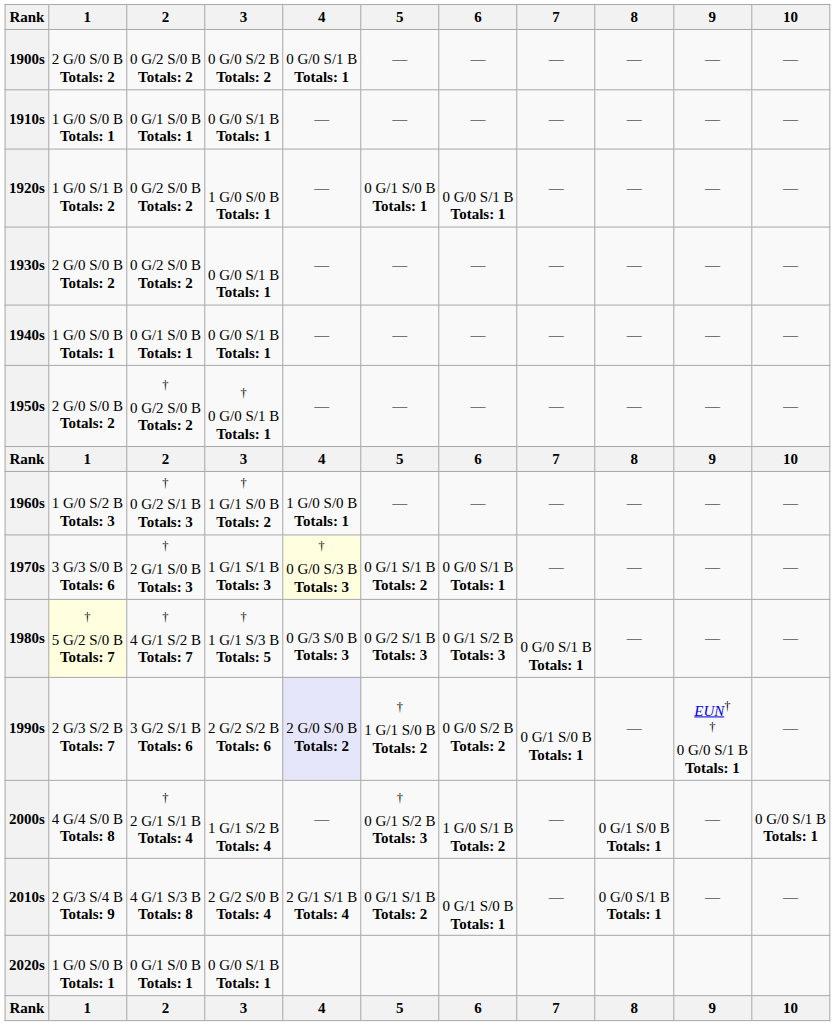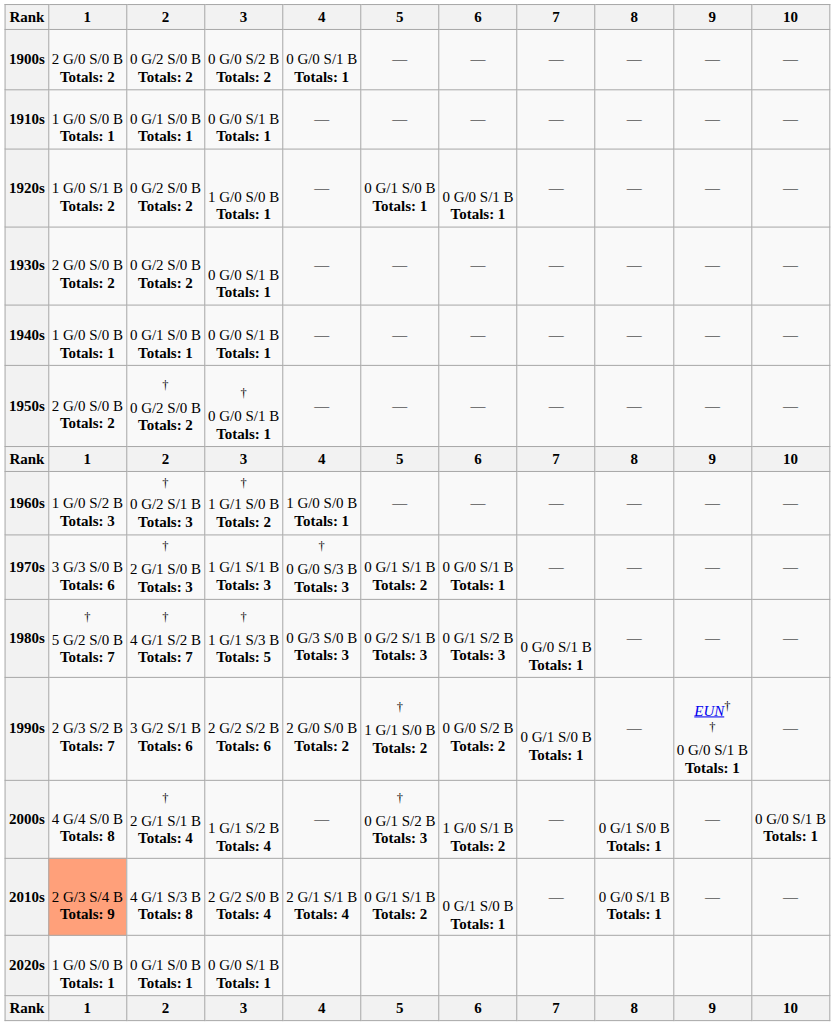 <table class="wikitable" style="text-align: center; font-size: 90%; margin-left: 1em;">
 <tr>
 <th>Rank</th>
 <th>1</th>
 <th>2</th>
 <th>3</th>
 <th>4</th>
 <th>5</th>
 <th>6</th>
 <th>7</th>
 <th>8</th>
 <th>9</th>
 <th>10</th>
 </tr>
 <tr>
 <th>1900s</th>
 <td><br>2 G/0 S/0 B<br><strong>Totals: 2</strong></td>
 <td><br>0 G/2 S/0 B<br><strong>Totals: 2</strong></td>
 <td><br>0 G/0 S/2 B<br><strong>Totals: 2</strong></td>
 <td><br>0 G/0 S/1 B<br><strong>Totals: 1</strong></td>
 <td>—</td>
 <td>—</td>
 <td>—</td>
 <td>—</td>
 <td>—</td>
 <td>—</td>
 </tr>
 <tr>
 <th>1910s</th>
 <td><br>1 G/0 S/0 B<br><strong>Totals: 1</strong></td>
 <td><br>0 G/1 S/0 B<br><strong>Totals: 1</strong></td>
 <td><br>0 G/0 S/1 B<br><strong>Totals: 1</strong></td>
 <td>—</td>
 <td>—</td>
 <td>—</td>
 <td>—</td>
 <td>—</td>
 <td>—</td>
 <td>—</td>
 </tr>
 <tr>
 <th>1920s</th>
 <td><br>1 G/0 S/1 B<br><strong>Totals: 2</strong></td>
 <td><br>0 G/2 S/0 B<br><strong>Totals: 2</strong></td>
 <td><br><br>1 G/0 S/0 B<br><strong>Totals: 1</strong></td>
 <td>—</td>
 <td><br>0 G/1 S/0 B<br><strong>Totals: 1</strong></td>
 <td><br><br>0 G/0 S/1 B<br><strong>Totals: 1</strong></td>
 <td>—</td>
 <td>—</td>
 <td>—</td>
 <td>—</td>
 </tr>
 <tr>
 <th>1930s</th>
 <td><br>2 G/0 S/0 B<br><strong>Totals: 2</strong></td>
 <td><br>0 G/2 S/0 B<br><strong>Totals: 2</strong></td>
 <td><br><br>0 G/0 S/1 B<br><strong>Totals: 1</strong></td>
 <td>—</td>
 <td>—</td>
 <td>—</td>
 <td>—</td>
 <td>—</td>
 <td>—</td>
 <td>—</td>
 </tr>
 <tr>
 <th>1940s</th>
 <td><br>1 G/0 S/0 B<br><strong>Totals: 1</strong></td>
 <td><br>0 G/1 S/0 B<br><strong>Totals: 1</strong></td>
 <td><br>0 G/0 S/1 B<br><strong>Totals: 1</strong></td>
 <td>—</td>
 <td>—</td>
 <td>—</td>
 <td>—</td>
 <td>—</td>
 <td>—</td>
 <td>—</td>
 </tr>
 <tr>
 <th>1950s</th>
 <td><br>2 G/0 S/0 B<br><strong>Totals: 2</strong></td>
 <td><em></em><sup>†</sup><br>0 G/2 S/0 B<br><strong>Totals: 2</strong></td>
 <td><br><em></em><sup>†</sup><br>0 G/0 S/1 B<br><strong>Totals: 1</strong></td>
 <td>—</td>
 <td>—</td>
 <td>—</td>
 <td>—</td>
 <td>—</td>
 <td>—</td>
 <td>—</td>
 </tr>
 <tr>
 <th>Rank</th>
 <th>1</th>
 <th>2</th>
 <th>3</th>
 <th>4</th>
 <th>5</th>
 <th>6</th>
 <th>7</th>
 <th>8</th>
 <th>9</th>
 <th>10</th>
 </tr>
 <tr>
 <th>1960s</th>
 <td><br>1 G/0 S/2 B<br><strong>Totals: 3</strong></td>
 <td><em></em><sup>†</sup><br>0 G/2 S/1 B<br><strong>Totals: 3</strong></td>
 <td><em></em><sup>†</sup><br>1 G/1 S/0 B<br><strong>Totals: 2</strong></td>
 <td><br>1 G/0 S/0 B<br><strong>Totals: 1</strong></td>
 <td>—</td>
 <td>—</td>
 <td>—</td>
 <td>—</td>
 <td>—</td>
 <td>—</td>
 </tr>
 <tr>
 <th>1970s</th>
 <td><br>3 G/3 S/0 B<br><strong>Totals: 6</strong></td>
 <td><em></em><sup>†</sup><br>2 G/1 S/0 B<br><strong>Totals: 3</strong></td>
 <td><br>1 G/1 S/1 B<br><strong>Totals: 3</strong></td>
-<td style="background: lightyellow;"><em></em><sup>†</sup><br>0 G/0 S/3 B<br><strong>Totals: 3</strong></td>
+<td><em></em><sup>†</sup><br>0 G/0 S/3 B<br><strong>Totals: 3</strong></td>
 <td><br>0 G/1 S/1 B<br><strong>Totals: 2</strong></td>
 <td><br>0 G/0 S/1 B<br><strong>Totals: 1</strong></td>
 <td>—</td>
 <td>—</td>
 <td>—</td>
 <td>—</td>
 </tr>
 <tr>
 <th>1980s</th>
-<td style="background: lightyellow;"><em></em><sup>†</sup><br>5 G/2 S/0 B<br><strong>Totals: 7</strong></td>
+<td><em></em><sup>†</sup><br>5 G/2 S/0 B<br><strong>Totals: 7</strong></td>
 <td><em></em><sup>†</sup><br>4 G/1 S/2 B<br><strong>Totals: 7</strong></td>
 <td><em></em><sup>†</sup><br>1 G/1 S/3 B<br><strong>Totals: 5</strong></td>
 <td><br>0 G/3 S/0 B<br><strong>Totals: 3</strong></td>
 <td><br>0 G/2 S/1 B<br><strong>Totals: 3</strong></td>
 <td><br>0 G/1 S/2 B<br><strong>Totals: 3</strong></td>
 <td><br><br>0 G/0 S/1 B<br><strong>Totals: 1</strong></td>
 <td>—</td>
 <td>—</td>
 <td>—</td>
 </tr>
 <tr>
 <th>1990s</th>
 <td><br>2 G/3 S/2 B<br><strong>Totals: 7</strong></td>
 <td><br>3 G/2 S/1 B<br><strong>Totals: 6</strong></td>
 <td><br>2 G/2 S/2 B<br><strong>Totals: 6</strong></td>
-<td style="background: lavender;"><br>2 G/0 S/0 B<br><strong>Totals: 2</strong></td>
+<td><br>2 G/0 S/0 B<br><strong>Totals: 2</strong></td>
 <td><em></em><sup>†</sup><br>1 G/1 S/0 B<br><strong>Totals: 2</strong></td>
 <td><br>0 G/0 S/2 B<br><strong>Totals: 2</strong></td>
 <td><br><br>0 G/1 S/0 B<br><strong>Totals: 1</strong></td>
 <td>—</td>
 <td><br><em> <a href='#'>EUN</a></em><sup>†</sup><br><em></em><sup>†</sup><br>0 G/0 S/1 B<br><strong>Totals: 1</strong></td>
 <td>—</td>
 </tr>
 <tr>
 <th>2000s</th>
 <td><br>4 G/4 S/0 B<br><strong>Totals: 8</strong></td>
 <td><em></em><sup>†</sup><br>2 G/1 S/1 B<br><strong>Totals: 4</strong></td>
 <td><br><br>1 G/1 S/2 B<br><strong>Totals: 4</strong></td>
 <td>—</td>
 <td><em></em><sup>†</sup><br>0 G/1 S/2 B<br><strong>Totals: 3</strong></td>
 <td><br><br>1 G/0 S/1 B<br><strong>Totals: 2</strong></td>
 <td>—</td>
 <td><br><br>0 G/1 S/0 B<br><strong>Totals: 1</strong></td>
 <td>—</td>
 <td><br>0 G/0 S/1 B<br><strong>Totals: 1</strong></td>
 </tr>
 <tr>
 <th>2010s</th>
-<td><br>2 G/3 S/4 B<br><strong>Totals: 9</strong></td>
+<td style="background: lightsalmon;"><br>2 G/3 S/4 B<br><strong>Totals: 9</strong></td>
 <td><br>4 G/1 S/3 B<br><strong>Totals: 8</strong></td>
 <td><br>2 G/2 S/0 B<br><strong>Totals: 4</strong></td>
 <td><br>2 G/1 S/1 B<br><strong>Totals: 4</strong></td>
 <td><br>0 G/1 S/1 B<br><strong>Totals: 2</strong></td>
 <td><br><br>0 G/1 S/0 B<br><strong>Totals: 1</strong></td>
 <td>—</td>
 <td><br>0 G/0 S/1 B<br><strong>Totals: 1</strong></td>
 <td>—</td>
 <td>—</td>
 </tr>
 <tr>
 <th>2020s</th>
 <td><br>1 G/0 S/0 B<br><strong>Totals: 1</strong></td>
 <td><br>0 G/1 S/0 B<br><strong>Totals: 1</strong></td>
 <td><br>0 G/0 S/1 B<br><strong>Totals: 1</strong></td>
 <td></td>
 <td></td>
 <td></td>
 <td></td>
 <td></td>
 <td></td>
 <td></td>
 </tr>
 <tr>
 <th>Rank</th>
 <th>1</th>
 <th>2</th>
 <th>3</th>
 <th>4</th>
 <th>5</th>
 <th>6</th>
 <th>7</th>
 <th>8</th>
 <th>9</th>
 <th>10</th>
 </tr>
 </table>
